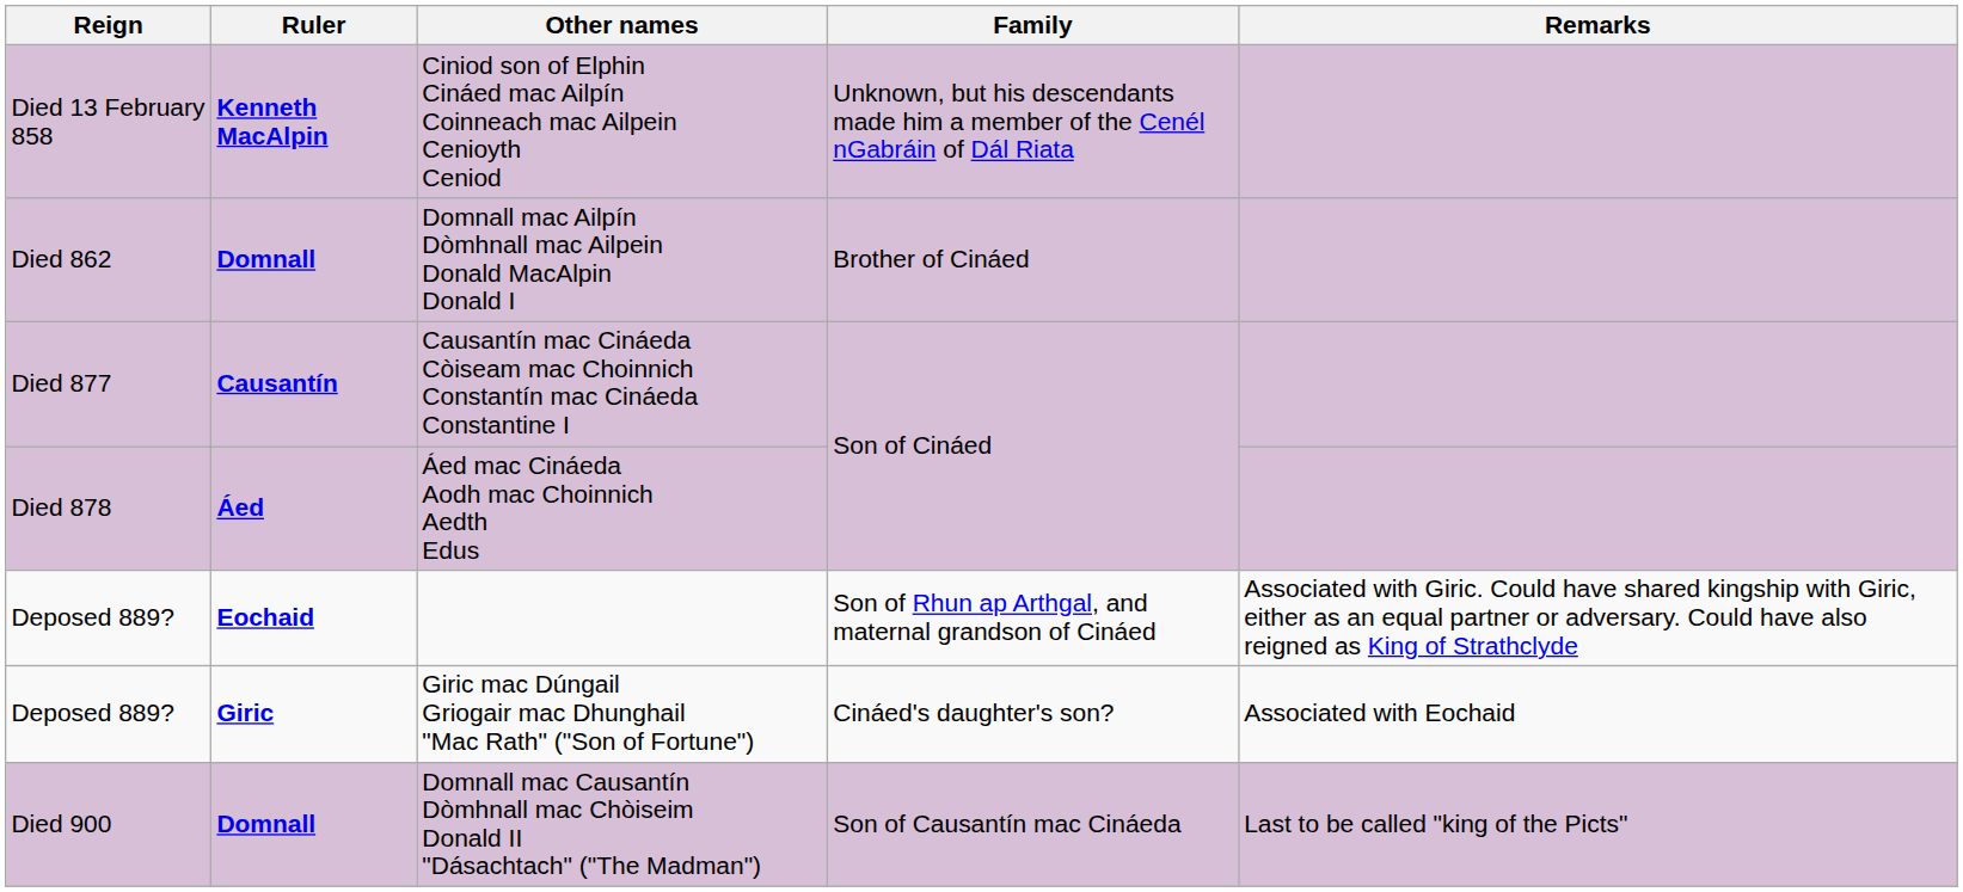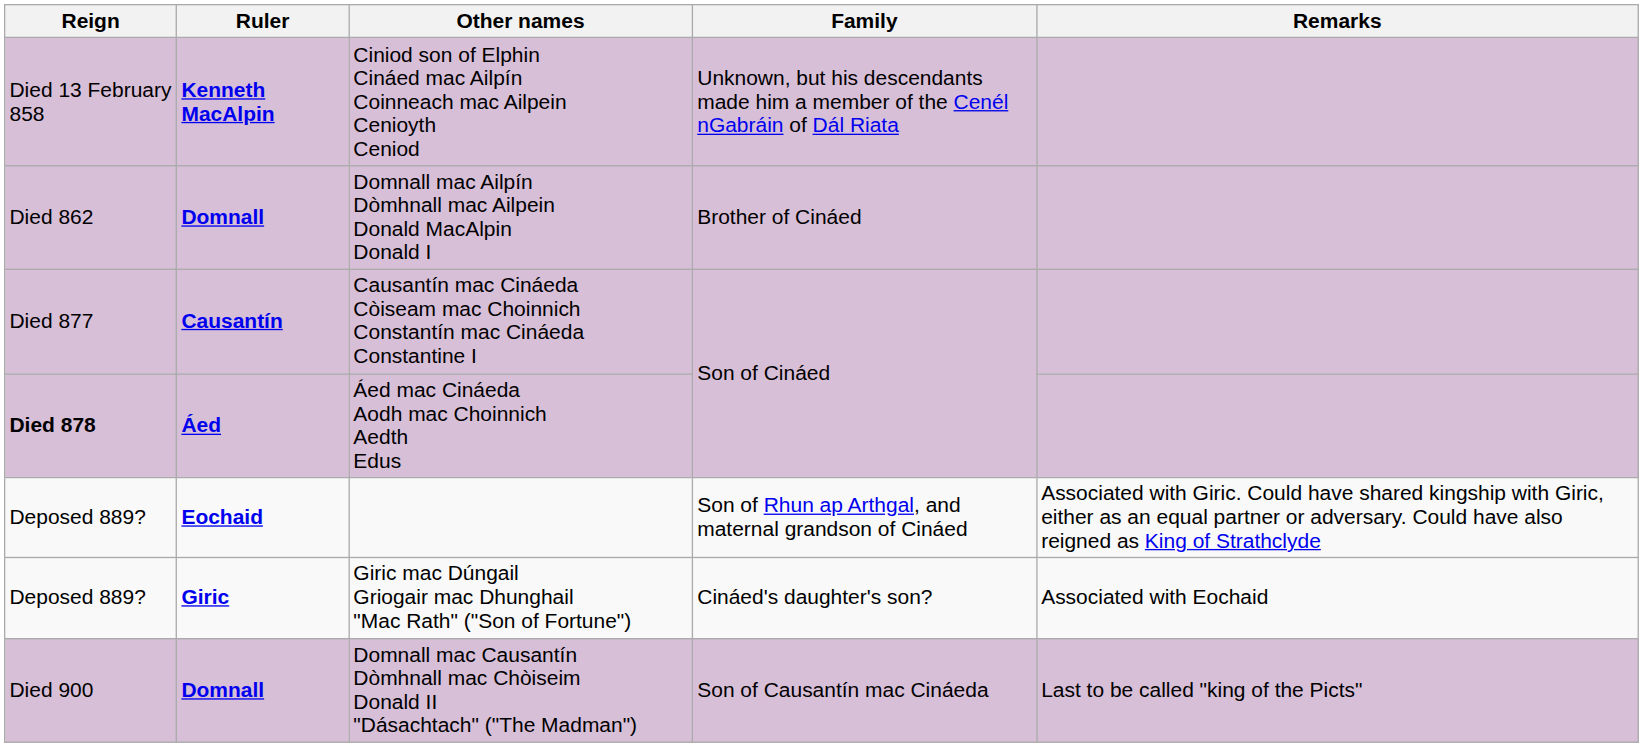 <table class="wikitable">
 <tr>
 <th width="10%">Reign</th>
 <th width="10%">Ruler</th>
 <th width="20%">Other names</th>
 <th width="20%">Family</th>
 <th width="35%">Remarks</th>
 </tr>
 <tr bgcolor="#D8BFD8">
 <td>Died 13 February 858</td>
 <td><strong><a href='#'>Kenneth MacAlpin</a></strong></td>
 <td>Ciniod son of Elphin<br>Cináed mac Ailpín<br>Coinneach mac Ailpein<br> Cenioyth <br> Ceniod <br></td>
 <td>Unknown, but his descendants made him a member of the <a href='#'>Cenél nGabráin</a> of <a href='#'>Dál Riata</a></td>
 <td></td>
 </tr>
 <tr bgcolor="#D8BFD8">
 <td>Died 862</td>
 <td><strong><a href='#'>Domnall</a></strong></td>
 <td>Domnall mac Ailpín<br>Dòmhnall mac Ailpein<br>Donald MacAlpin<br>Donald I</td>
 <td>Brother of Cináed</td>
 <td></td>
 </tr>
 <tr bgcolor="#D8BFD8">
 <td>Died 877</td>
 <td><strong><a href='#'>Causantín</a></strong></td>
 <td>Causantín mac Cináeda<br>Còiseam mac Choinnich<br>Constantín mac Cináeda<br>Constantine I</td>
 <td rowspan="2">Son of Cináed</td>
 <td></td>
 </tr>
 <tr bgcolor="#D8BFD8">
-<td>Died 878</td>
+<td><strong>Died 878</strong></td>
 <td><strong><a href='#'>Áed</a></strong></td>
 <td>Áed mac Cináeda<br>Aodh mac Choinnich<br>Aedth<br>Edus</td>
 <td></td>
 </tr>
 <tr>
 <td>Deposed 889?</td>
 <td><strong><a href='#'>Eochaid</a></strong></td>
 <td></td>
 <td>Son of <a href='#'>Rhun ap Arthgal</a>, and maternal grandson of Cináed</td>
 <td>Associated with Giric. Could have shared kingship with Giric, either as an equal partner or adversary. Could have also reigned as <a href='#'>King of Strathclyde</a></td>
 </tr>
 <tr>
 <td>Deposed 889?</td>
 <td><strong><a href='#'>Giric</a></strong></td>
 <td>Giric mac Dúngail<br>Griogair mac Dhunghail<br>"Mac Rath" ("Son of Fortune")</td>
 <td>Cináed's daughter's son?</td>
 <td>Associated with Eochaid</td>
 </tr>
 <tr bgcolor="#D8BFD8">
 <td>Died 900</td>
 <td><strong><a href='#'>Domnall</a></strong></td>
 <td>Domnall mac Causantín<br>Dòmhnall mac Chòiseim<br>Donald II<br>"Dásachtach" ("The Madman")</td>
 <td>Son of Causantín mac Cináeda</td>
 <td>Last to be called "king of the Picts"</td>
 </tr>
 </table>
